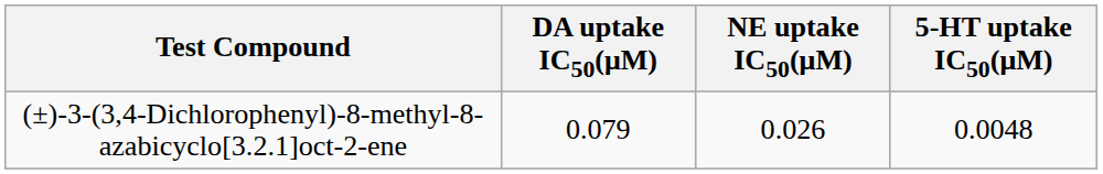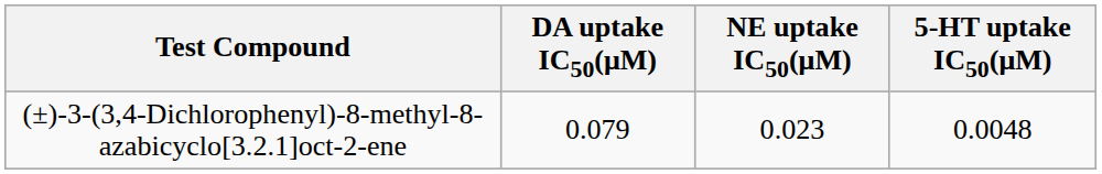 <table class="wikitable" style="text-align:center">
 <tr>
 <th>Test Compound</th>
 <th>DA uptake IC<sub>50</sub>(μM)</th>
 <th>NE uptake IC<sub>50</sub>(μM)</th>
 <th>5-HT uptake IC<sub>50</sub>(μM)</th>
 </tr>
 <tr>
 <td>(±)-3-(3,4-Dichlorophenyl)-8-methyl-8-azabicyclo[3.2.1]oct-2-ene</td>
 <td>0.079</td>
-<td>0.026</td>
+<td>0.023</td>
 <td>0.0048</td>
 </tr>
 </table>
